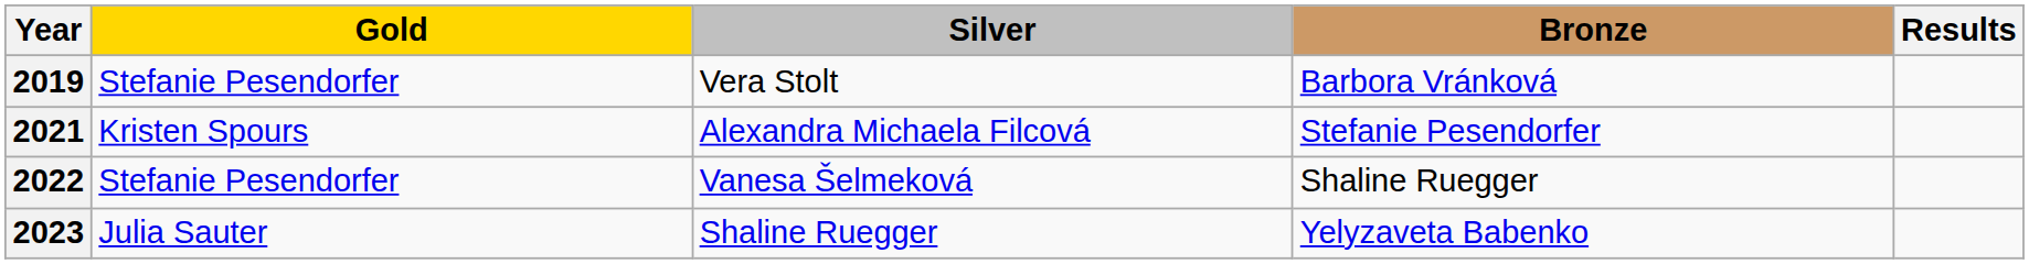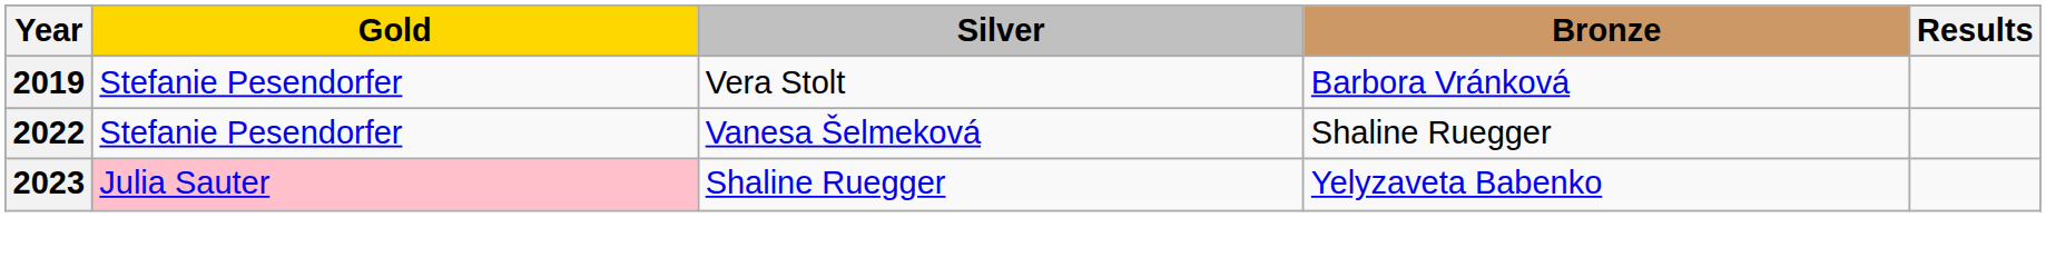 <table class="wikitable unsortable" style="text-align:left; width:80%;">
 <tr>
 <th scope="col" style="text-align:center;">Year</th>
 <td scope="col" style="text-align:center; width:30%; background:gold"><strong>Gold</strong></td>
 <td scope="col" style="text-align:center; width:30%; background:silver"><strong>Silver</strong></td>
 <td scope="col" style="text-align:center; width:30%; background:#c96"><strong>Bronze</strong></td>
 <th scope="col" style="text-align:center;">Results</th>
 </tr>
 <tr>
 <th scope="row" style="text-align:left">2019</th>
 <td> <a href='#'>Stefanie Pesendorfer</a></td>
 <td> Vera Stolt</td>
 <td> <a href='#'>Barbora Vránková</a></td>
 <td></td>
 </tr>
 <tr>
-<th scope="row" style="text-align:left">2021</th>
-<td> <a href='#'>Kristen Spours</a></td>
-<td> <a href='#'>Alexandra Michaela Filcová</a></td>
-<td> <a href='#'>Stefanie Pesendorfer</a></td>
-<td></td>
-</tr>
-<tr>
 <th scope="row" style="text-align:left">2022</th>
 <td> <a href='#'>Stefanie Pesendorfer</a></td>
 <td> <a href='#'>Vanesa Šelmeková</a></td>
 <td> Shaline Ruegger</td>
 <td></td>
 </tr>
 <tr>
 <th scope="row" style="text-align:left">2023</th>
-<td> <a href='#'>Julia Sauter</a></td>
+<td style="background: pink;"> <a href='#'>Julia Sauter</a></td>
 <td> <a href='#'>Shaline Ruegger</a></td>
 <td> <a href='#'>Yelyzaveta Babenko</a></td>
 <td></td>
 </tr>
 </table>
